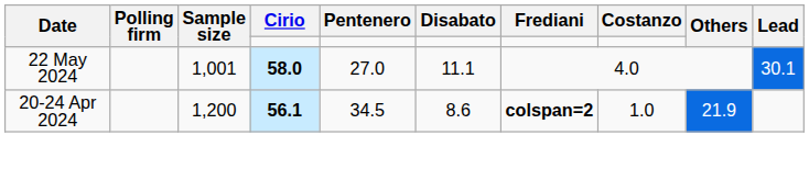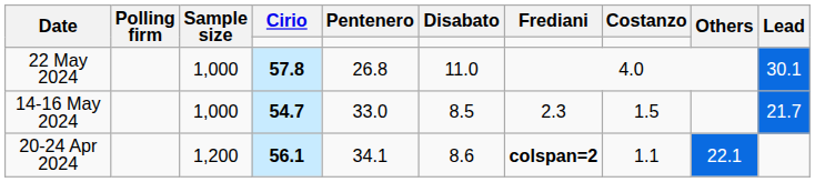 <table class=wikitable style="text-align:center;font-size:85%;line-height:13px">
 <tr>
 <th rowspan="2" style="width:114px;">Date</th>
 <th rowspan="2">Polling firm</th>
 <th rowspan="2">Sample size</th>
 <th style="width:61px;"><a href='#'>Cirio</a></th>
 <th style="width:61px;">Pentenero</th>
 <th style="width:61px;">Disabato</th>
 <th style="width:61px;">Frediani</th>
 <th style="width:61px;">Costanzo</th>
 <th rowspan="2" style="width:35px;">Others</th>
 <th rowspan="2" style="width:35px;">Lead</th>
 </tr>
 <tr>
 <td></td>
 <td></td>
 <td></td>
 <td></td>
 <td></td>
 </tr>
 <tr>
 <td>22 May 2024</td>
 <td></td>
-<td>1,001</td>
-<td style="background:#C8EBFF"><strong>58.0</strong></td>
-<td>27.0</td>
-<td>11.1</td>
+<td>1,000</td>
+<td style="background:#C8EBFF"><strong>57.8</strong></td>
+<td>26.8</td>
+<td>11.0</td>
 <td colspan=3>4.0</td>
 <td style="background:#0A6BE1; color:white;">30.1</td>
+</tr>
+<tr>
+<td>14-16 May 2024</td>
+<td></td>
+<td>1,000</td>
+<td style="background:#C8EBFF"><strong>54.7</strong></td>
+<td>33.0</td>
+<td>8.5</td>
+<td>2.3</td>
+<td>1.5</td>
+<td></td>
+<td style="background:#0A6BE1; color:white;">21.7</td>
 </tr>
 <tr>
 <td>20-24 Apr 2024</td>
 <td></td>
 <td>1,200</td>
 <td style="background:#C8EBFF"><strong>56.1</strong></td>
-<td>34.5</td>
+<td>34.1</td>
 <td>8.6</td>
 <td><strong>colspan=2 </strong></td>
-<td>1.0</td>
-<td style="background:#0A6BE1; color:white;">21.9</td>
+<td>1.1</td>
+<td style="background:#0A6BE1; color:white;">22.1</td>
 </tr>
 </table>
